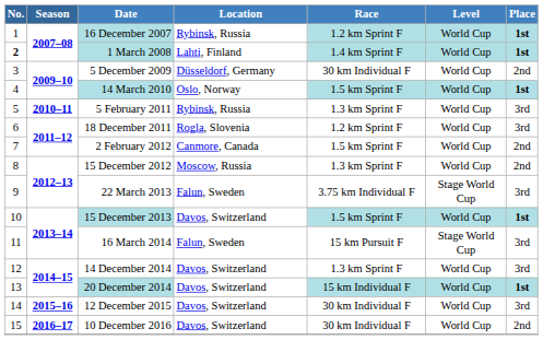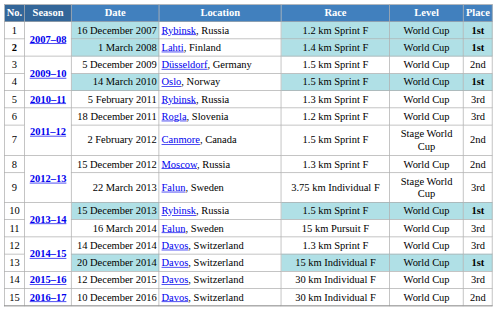 <table class="wikitable sortable" style="font-size:95%; text-align:center; border:grey solid 1px; border-collapse:collapse; background:#ffffff;">
 <tr style="background:#efefef;">
 <th style="background-color:#369; color:white;">No.</th>
 <th style="background-color:#369; color:white;">Season</th>
 <th style="background-color:#4180be; color:white; width:120px;">Date</th>
 <th style="background-color:#4180be; color:white; width:170px;">Location</th>
 <th style="background-color:#4180be; color:white; width:150px;">Race</th>
 <th style="background-color:#4180be; color:white; width:100px;">Level</th>
 <th style="background-color:#4180be; color:white;">Place</th>
 </tr>
 <tr>
 <td align=center>1</td>
 <td rowspan=2 align=center><strong><a href='#'>2007–08</a></strong></td>
 <td bgcolor="#BOEOE6" align=right>16 December 2007</td>
 <td align=left> <a href='#'>Rybinsk</a>, Russia</td>
 <td bgcolor="#BOEOE6">1.2 km Sprint F</td>
 <td bgcolor="#BOEOE6">World Cup</td>
 <td bgcolor="#BOEOE6"><strong>1st</strong></td>
 </tr>
 <tr>
 <td align=center><strong>2</strong></td>
 <td bgcolor="#BOEOE6" align=right>1 March 2008</td>
 <td align=left> <a href='#'>Lahti</a>, Finland</td>
 <td bgcolor="#BOEOE6">1.4 km Sprint F</td>
 <td bgcolor="#BOEOE6">World Cup</td>
 <td bgcolor="#BOEOE6"><strong>1st</strong></td>
 </tr>
 <tr>
 <td align=center>3</td>
 <td rowspan=2 align=center><strong> <a href='#'>2009–10</a> </strong></td>
 <td align=right>5 December 2009</td>
 <td align=left> <a href='#'>Düsseldorf</a>, Germany</td>
-<td>30 km Individual F</td>
+<td>1.5 km Sprint F</td>
 <td>World Cup</td>
 <td>2nd</td>
 </tr>
 <tr>
 <td align=center>4</td>
 <td bgcolor="#BOEOE6" align=right>14 March 2010</td>
 <td align=left> <a href='#'>Oslo</a>, Norway</td>
 <td bgcolor="#BOEOE6">1.5 km Sprint F</td>
 <td bgcolor="#BOEOE6">World Cup</td>
 <td bgcolor="#BOEOE6"><strong>1st</strong></td>
 </tr>
 <tr>
 <td align=center>5</td>
 <td rowspan=1 align=center><strong> <a href='#'>2010–11</a> </strong></td>
 <td align=right>5 February 2011</td>
 <td align=left> <a href='#'>Rybinsk</a>, Russia</td>
 <td>1.3 km Sprint F</td>
 <td>World Cup</td>
 <td>3rd</td>
 </tr>
 <tr>
 <td align=center>6</td>
 <td rowspan=2 align=center><strong> <a href='#'>2011–12</a> </strong></td>
 <td align=right>18 December 2011</td>
 <td align=left> <a href='#'>Rogla</a>, Slovenia</td>
 <td>1.2 km Sprint F</td>
 <td>World Cup</td>
 <td>3rd</td>
 </tr>
 <tr>
 <td align=center>7</td>
 <td align=right>2 February 2012</td>
 <td align=left> <a href='#'>Canmore</a>, Canada</td>
 <td>1.5 km Sprint F</td>
-<td>World Cup</td>
+<td>Stage World Cup</td>
 <td>2nd</td>
 </tr>
 <tr>
 <td align=center>8</td>
 <td rowspan=2 align=center><strong> <a href='#'>2012–13</a> </strong></td>
 <td align=right>15 December 2012</td>
 <td align=left> <a href='#'>Moscow</a>, Russia</td>
 <td>1.3 km Sprint F</td>
 <td>World Cup</td>
 <td>2nd</td>
 </tr>
 <tr>
 <td align=center>9</td>
 <td align=right>22 March 2013</td>
 <td align=left> <a href='#'>Falun</a>, Sweden</td>
 <td>3.75 km Individual F</td>
 <td>Stage World Cup</td>
 <td>3rd</td>
 </tr>
 <tr>
 <td align=center>10</td>
 <td rowspan=2 align=center><strong><a href='#'>2013–14</a></strong></td>
 <td bgcolor="#BOEOE6" align=right>15 December 2013</td>
-<td align=left> <a href='#'>Davos</a>, Switzerland</td>
+<td align=left> <a href='#'>Rybinsk</a>, Russia</td>
 <td bgcolor="#BOEOE6">1.5 km Sprint F</td>
 <td bgcolor="#BOEOE6">World Cup</td>
 <td bgcolor="#BOEOE6"><strong>1st</strong></td>
 </tr>
 <tr>
 <td align=center>11</td>
 <td align=right>16 March 2014</td>
 <td align=left> <a href='#'>Falun</a>, Sweden</td>
 <td>15 km Pursuit F</td>
-<td>Stage World Cup</td>
+<td>World Cup</td>
 <td>3rd</td>
 </tr>
 <tr>
 <td align=center>12</td>
 <td rowspan=2 align=center><strong> <a href='#'>2014–15</a> </strong></td>
 <td align=right>14 December 2014</td>
 <td align=left> <a href='#'>Davos</a>, Switzerland</td>
 <td>1.3 km Sprint F</td>
 <td>World Cup</td>
 <td>3rd</td>
 </tr>
 <tr>
 <td align=center>13</td>
 <td bgcolor="#BOEOE6" align=right>20 December 2014</td>
 <td align=left> <a href='#'>Davos</a>, Switzerland</td>
 <td bgcolor="#BOEOE6">15 km Individual F</td>
 <td bgcolor="#BOEOE6">World Cup</td>
 <td bgcolor="#BOEOE6"><strong>1st</strong></td>
 </tr>
 <tr>
 <td align=center>14</td>
 <td rowspan=1 align=center><strong> <a href='#'>2015–16</a> </strong></td>
 <td align=right>12 December 2015</td>
 <td align=left> <a href='#'>Davos</a>, Switzerland</td>
 <td>30 km Individual F</td>
 <td>World Cup</td>
 <td>3rd</td>
 </tr>
 <tr>
 <td align=center>15</td>
 <td rowspan=1 align=center><strong> <a href='#'>2016–17</a> </strong></td>
 <td align=right>10 December 2016</td>
 <td align=left> <a href='#'>Davos</a>, Switzerland</td>
 <td>30 km Individual F</td>
 <td>World Cup</td>
 <td>2nd</td>
 </tr>
 <tr>
 </tr>
 </table>
